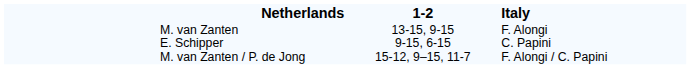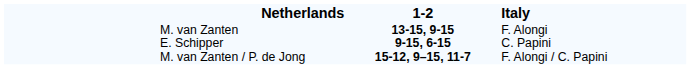 <table style="width: 60%; background:#F5FAFF;" cellspacing="0">
 <tr>
 <td align=center rowspan=3 width=20%></td>
 </tr>
 <tr>
 <td width=24% align=right><strong>Netherlands</strong></td>
 <td align=center width=20%><strong>1-2</strong></td>
 <td width=24%><strong>Italy</strong></td>
 </tr>
 <tr style=font-size:85%>
 <td valign=top>M. van Zanten<br>E. Schipper<br>M. van Zanten / P. de Jong</td>
-<td align=center>13-15, 9-15<br>9-15, 6-15<br>15-12, 9–15, 11-7</td>
+<td align=center><strong>13-15, 9-15<br>9-15, 6-15<br>15-12, 9–15, 11-7</strong></td>
 <td valign=top>F. Alongi<br>C. Papini<br>F. Alongi / C. Papini</td>
 </tr>
 </table>
